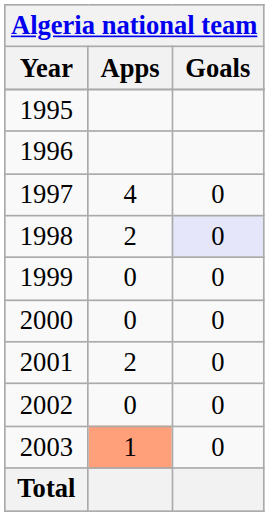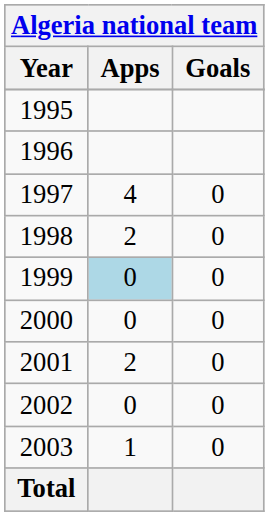 <table class="wikitable" style="text-align:center">
 <tr>
 <th colspan=3><a href='#'>Algeria national team</a></th>
 </tr>
 <tr>
 <th>Year</th>
 <th>Apps</th>
 <th>Goals</th>
 </tr>
 <tr>
 </tr>
 <tr>
 <td>1995</td>
 <td></td>
 <td></td>
 </tr>
 <tr>
 <td>1996</td>
 <td></td>
 <td></td>
 </tr>
 <tr>
 <td>1997</td>
 <td>4</td>
 <td>0</td>
 </tr>
 <tr>
 <td>1998</td>
 <td>2</td>
-<td style="background: lavender;">0</td>
+<td>0</td>
 </tr>
 <tr>
 <td>1999</td>
-<td>0</td>
+<td style="background: lightblue;">0</td>
 <td>0</td>
 </tr>
 <tr>
 <td>2000</td>
 <td>0</td>
 <td>0</td>
 </tr>
 <tr>
 <td>2001</td>
 <td>2</td>
 <td>0</td>
 </tr>
 <tr>
 <td>2002</td>
 <td>0</td>
 <td>0</td>
 </tr>
 <tr>
 <td>2003</td>
-<td style="background: lightsalmon;">1</td>
+<td>1</td>
 <td>0</td>
 </tr>
 <tr>
 <th>Total</th>
 <th></th>
 <th></th>
 </tr>
 </table>
